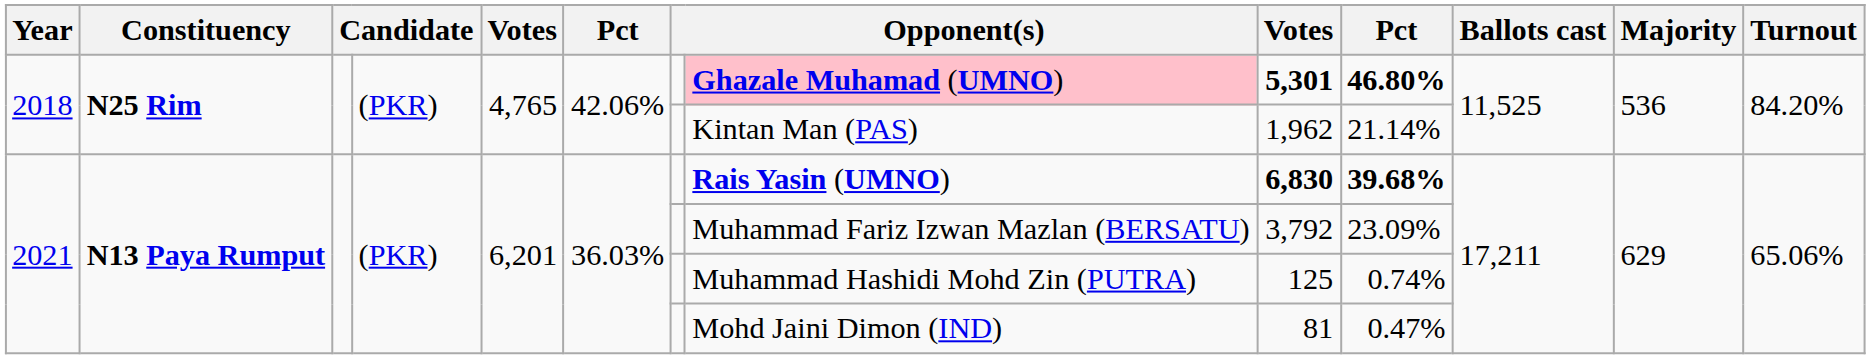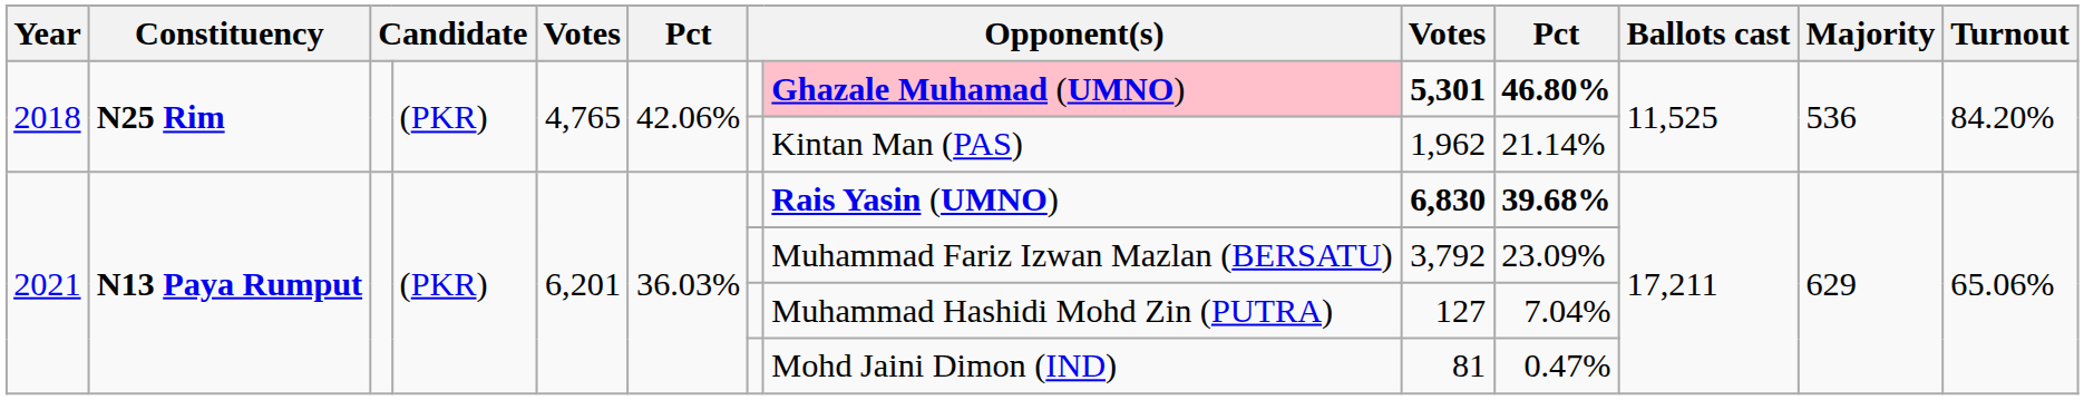 <table class="wikitable" style="margin:0.5em ; font-size:95%">
 <tr>
 <th>Year</th>
 <th>Constituency</th>
 <th colspan=2>Candidate</th>
 <th>Votes</th>
 <th>Pct</th>
 <th colspan=2>Opponent(s)</th>
 <th>Votes</th>
 <th>Pct</th>
 <th>Ballots cast</th>
 <th>Majority</th>
 <th>Turnout</th>
 </tr>
 <tr>
 <td rowspan=2><a href='#'>2018</a></td>
 <td rowspan=2><strong>N25 <a href='#'>Rim</a></strong></td>
 <td rowspan=2 ></td>
 <td rowspan=2> (<a href='#'>PKR</a>)</td>
 <td rowspan=2 align="right">4,765</td>
 <td rowspan=2>42.06%</td>
 <td></td>
 <td style="background: pink;"><strong><a href='#'>Ghazale Muhamad</a></strong> (<a href='#'><strong>UMNO</strong></a>)</td>
 <td align="right"><strong>5,301</strong></td>
 <td><strong>46.80%</strong></td>
 <td rowspan=2>11,525</td>
 <td rowspan=2>536</td>
 <td rowspan=2>84.20%</td>
 </tr>
 <tr>
 <td></td>
 <td>Kintan Man (<a href='#'>PAS</a>)</td>
 <td align="right">1,962</td>
 <td>21.14%</td>
 </tr>
 <tr>
 <td rowspan=4><a href='#'>2021</a></td>
 <td rowspan=4><strong>N13 <a href='#'>Paya Rumput</a></strong></td>
 <td rowspan=4 ></td>
 <td rowspan=4> (<a href='#'>PKR</a>)</td>
 <td rowspan="4" align="right">6,201</td>
 <td rowspan="4">36.03%</td>
 <td></td>
 <td><strong><a href='#'>Rais Yasin</a></strong> (<a href='#'><strong>UMNO</strong></a>)</td>
 <td align="right"><strong>6,830</strong></td>
 <td><strong>39.68%</strong></td>
 <td rowspan=4>17,211</td>
 <td rowspan=4>629</td>
 <td rowspan=4>65.06%</td>
 </tr>
 <tr>
 <td bgcolor=></td>
 <td>Muhammad Fariz Izwan Mazlan (<a href='#'>BERSATU</a>)</td>
 <td align="right">3,792</td>
 <td>23.09%</td>
 </tr>
 <tr>
 <td></td>
 <td>Muhammad Hashidi Mohd Zin (<a href='#'>PUTRA</a>)</td>
-<td align="right">125</td>
-<td align="right">0.74%</td>
+<td align="right">127</td>
+<td align="right">7.04%</td>
 </tr>
 <tr>
 <td></td>
 <td>Mohd Jaini Dimon (<a href='#'>IND</a>)</td>
 <td align="right">81</td>
 <td align="right">0.47%</td>
 </tr>
 </table>
